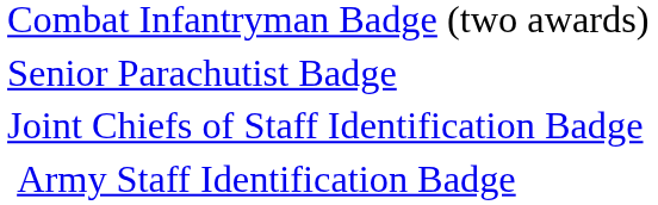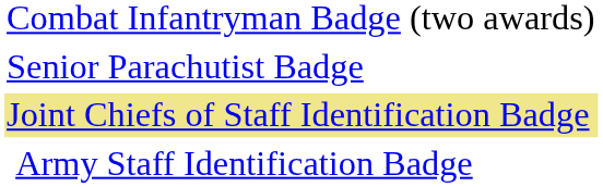 <table>
 <tr>
 <td> <a href='#'>Combat Infantryman Badge</a> (two awards)</td>
 </tr>
 <tr>
 <td> <a href='#'>Senior Parachutist Badge</a></td>
 </tr>
 <tr>
-<td> <a href='#'>Joint Chiefs of Staff Identification Badge</a></td>
+<td style="background: khaki;"> <a href='#'>Joint Chiefs of Staff Identification Badge</a></td>
 </tr>
 <tr>
 <td> <a href='#'>Army Staff Identification Badge</a></td>
 </tr>
 </table>
